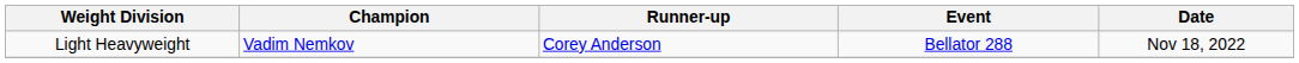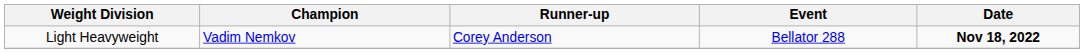 <table class="wikitable" width="99%" style="text-align:center;">
 <tr>
 <th width="18%">Weight Division</th>
 <th width="23%">Champion</th>
 <th width="23%">Runner-up</th>
 <th width="20%">Event</th>
 <th width="15%">Date</th>
 </tr>
 <tr>
 <td>Light Heavyweight</td>
 <td align=left> <a href='#'>Vadim Nemkov</a></td>
 <td align=left> <a href='#'>Corey Anderson</a></td>
 <td><a href='#'>Bellator 288</a></td>
-<td>Nov 18, 2022</td>
+<td><strong>Nov 18, 2022</strong></td>
 </tr>
 <tr>
 </tr>
 </table>
